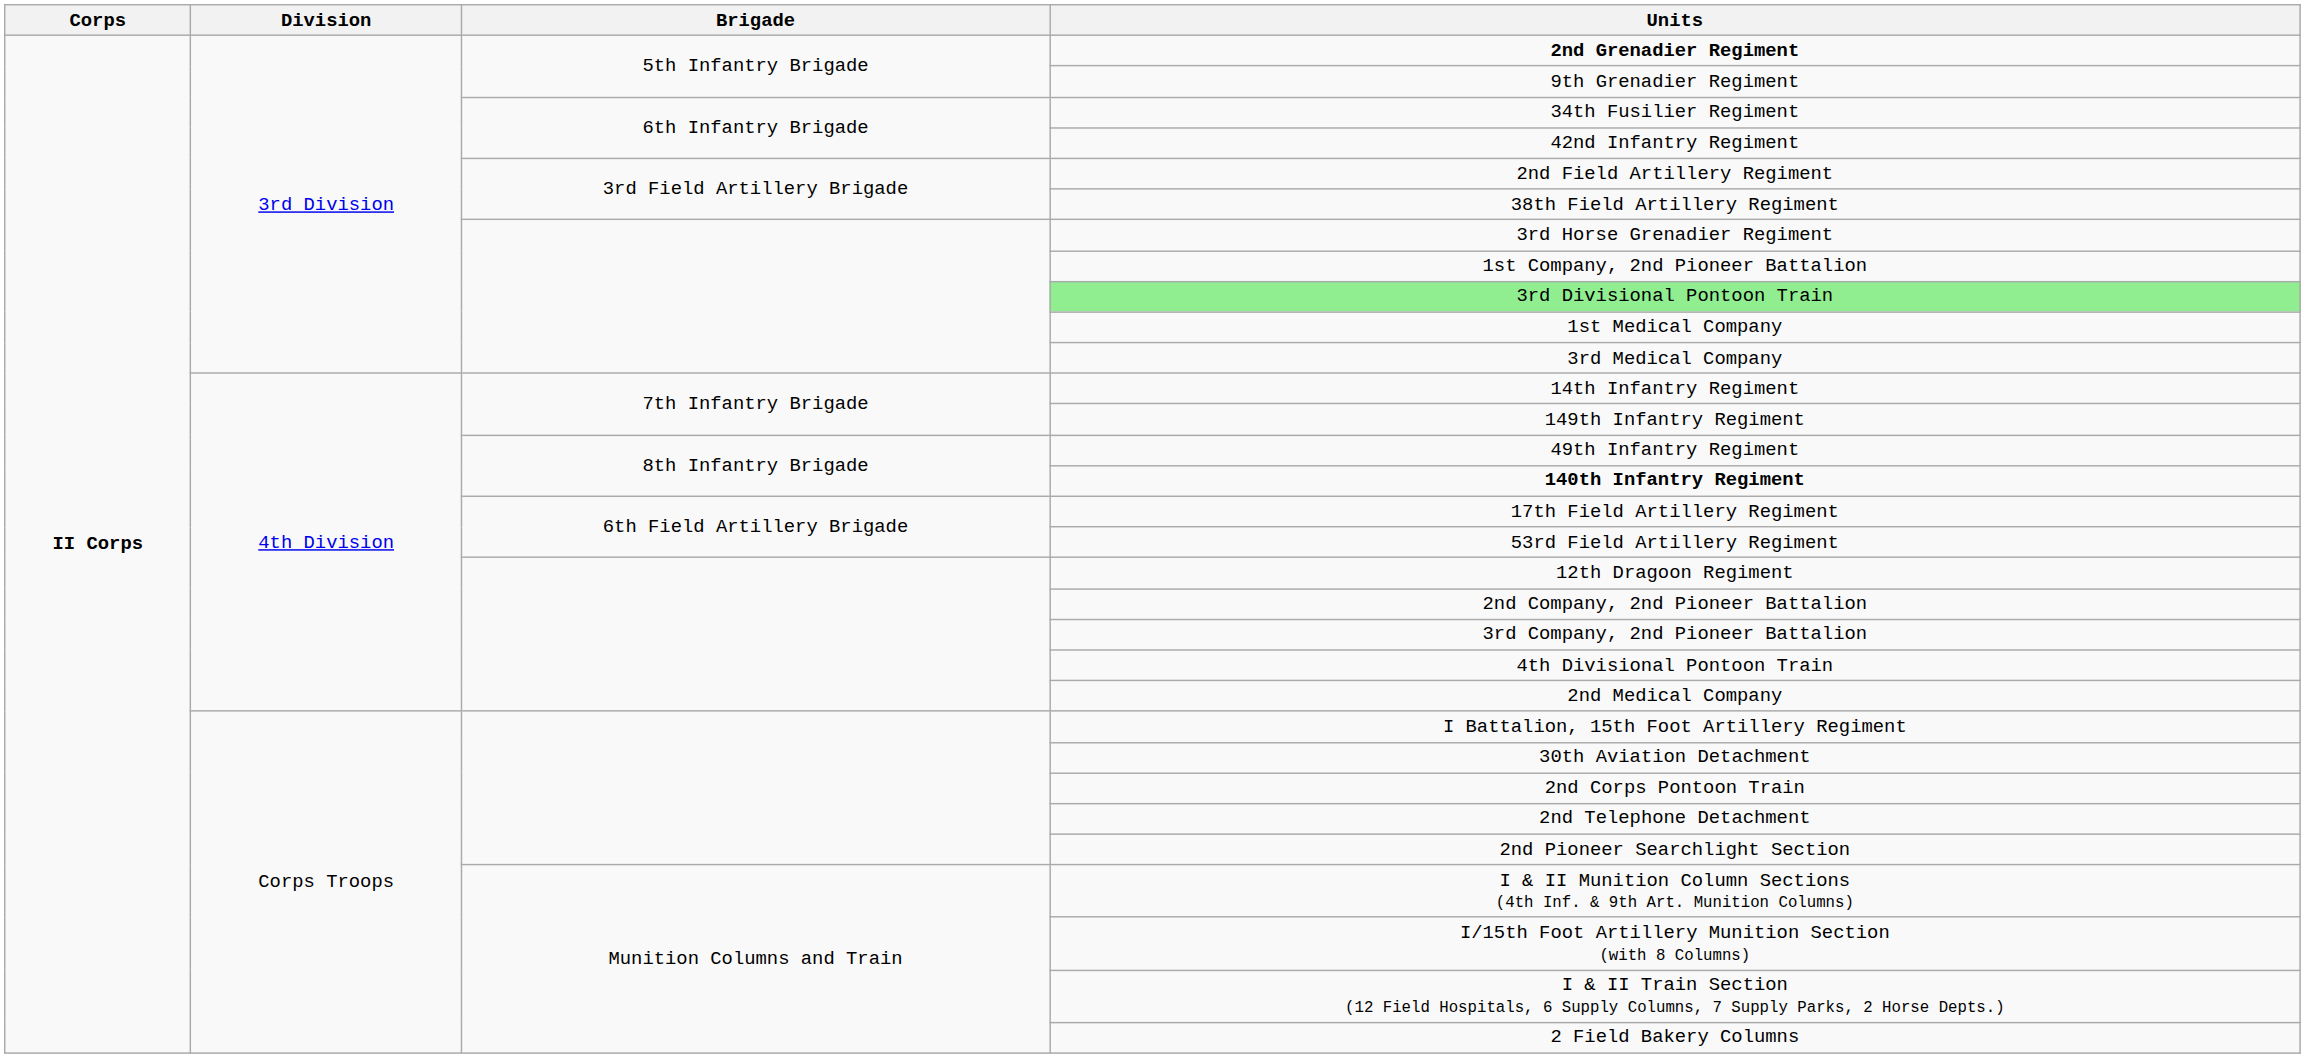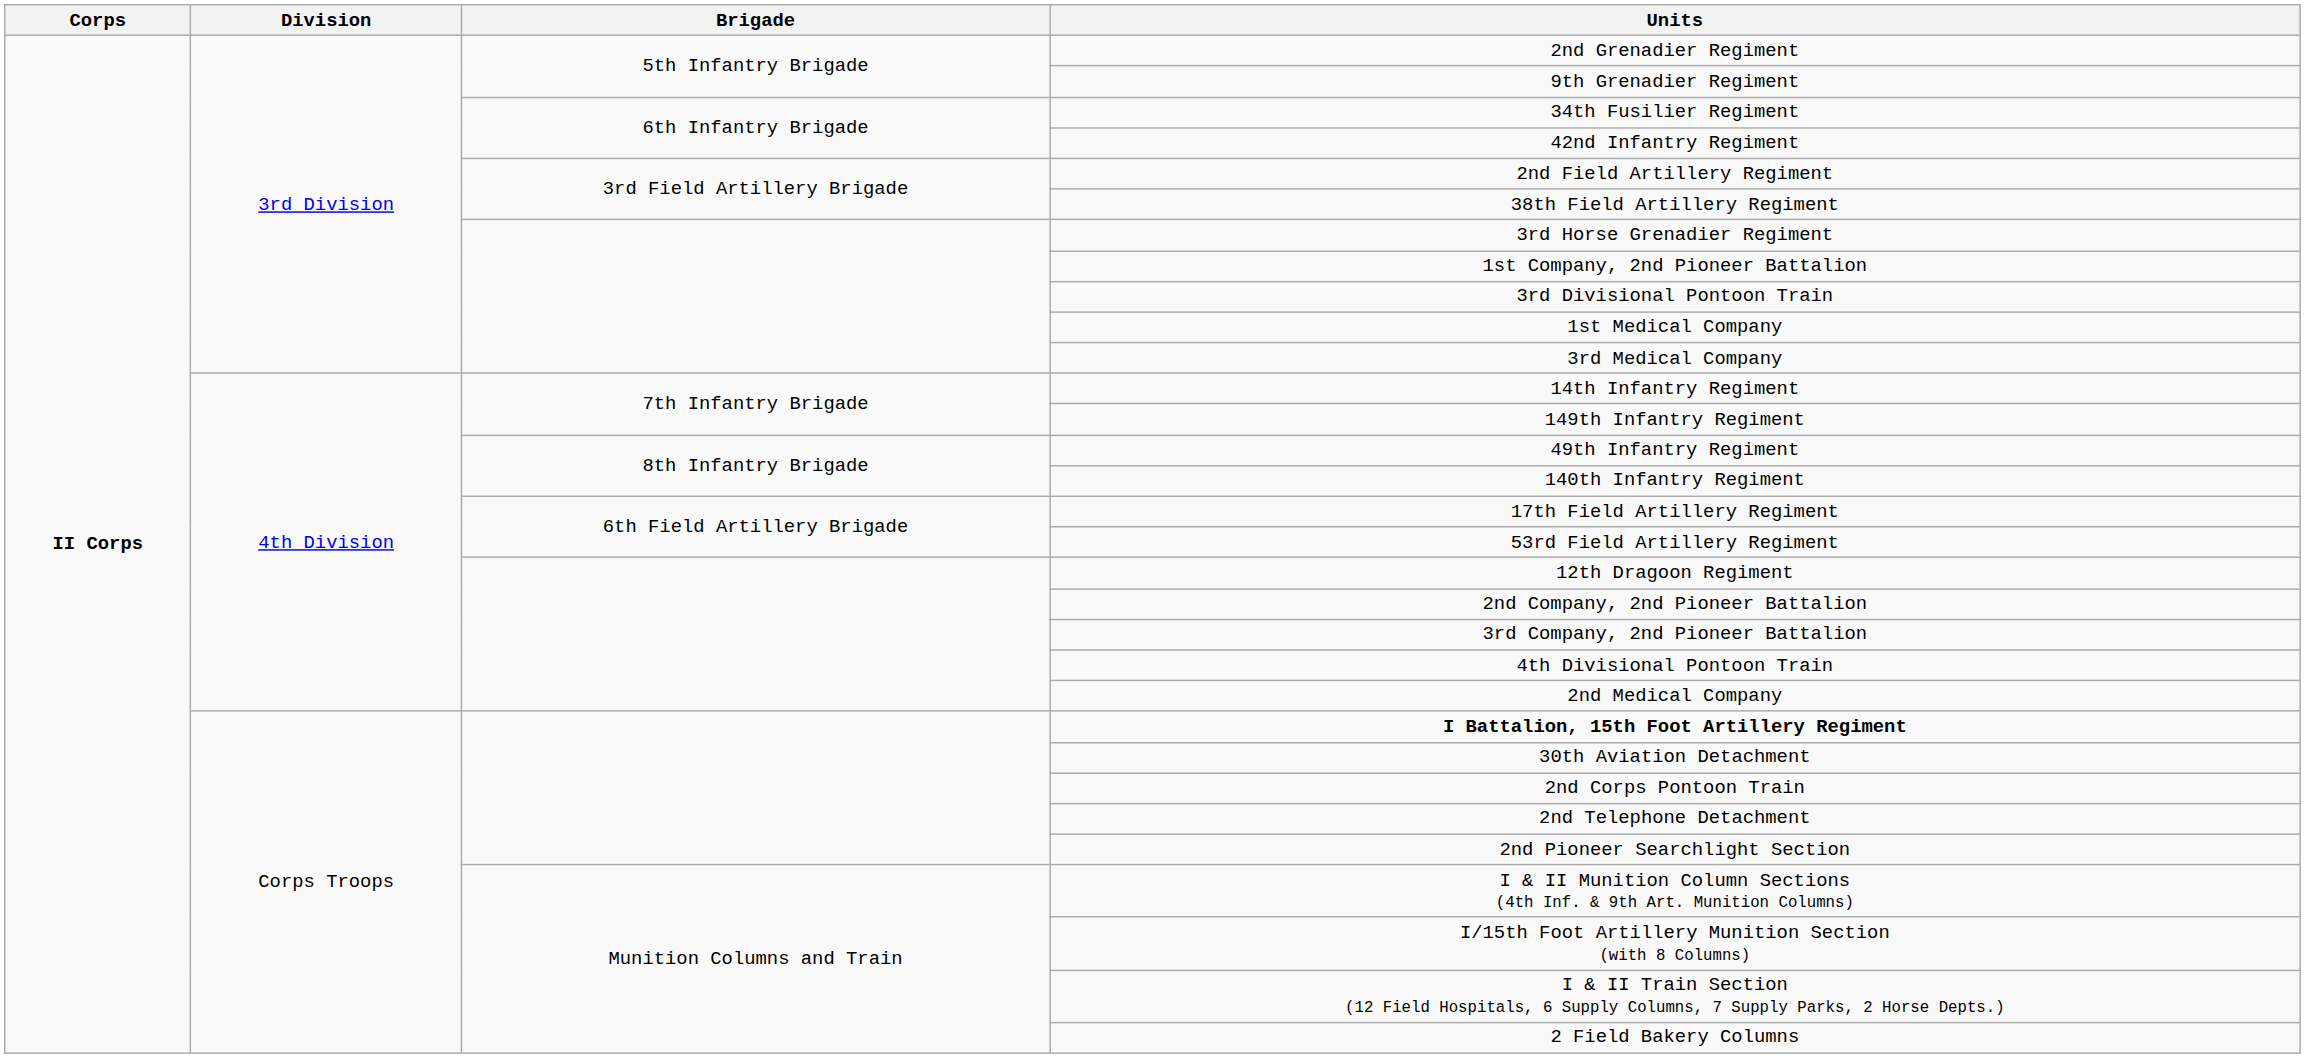 <table class="wikitable collapsible" style="text-align:center; width:100%;">
 <tr>
 <th>Corps</th>
 <th>Division</th>
 <th>Brigade</th>
 <th>Units</th>
 </tr>
 <tr>
 <td ROWSPAN=31><strong>II Corps</strong></td>
 <td ROWSPAN=11><a href='#'>3rd Division</a></td>
 <td ROWSPAN=2>5th Infantry Brigade</td>
-<td><strong>2nd Grenadier Regiment</strong></td>
+<td>2nd Grenadier Regiment</td>
 </tr>
 <tr>
 <td>9th Grenadier Regiment</td>
 </tr>
 <tr>
 <td ROWSPAN=2>6th Infantry Brigade</td>
 <td>34th Fusilier Regiment</td>
 </tr>
 <tr>
 <td>42nd Infantry Regiment</td>
 </tr>
 <tr>
 <td ROWSPAN=2>3rd Field Artillery Brigade</td>
 <td>2nd Field Artillery Regiment</td>
 </tr>
 <tr>
 <td>38th Field Artillery Regiment</td>
 </tr>
 <tr>
 <td ROWSPAN=5></td>
 <td>3rd Horse Grenadier Regiment</td>
 </tr>
 <tr>
 <td>1st Company, 2nd Pioneer Battalion</td>
 </tr>
 <tr>
-<td style="background: lightgreen;">3rd Divisional Pontoon Train</td>
+<td>3rd Divisional Pontoon Train</td>
 </tr>
 <tr>
 <td>1st Medical Company</td>
 </tr>
 <tr>
 <td>3rd Medical Company</td>
 </tr>
 <tr>
 <td ROWSPAN=11><a href='#'>4th Division</a></td>
 <td ROWSPAN=2>7th Infantry Brigade</td>
 <td>14th Infantry Regiment</td>
 </tr>
 <tr>
 <td>149th Infantry Regiment</td>
 </tr>
 <tr>
 <td ROWSPAN=2>8th Infantry Brigade</td>
 <td>49th Infantry Regiment</td>
 </tr>
 <tr>
-<td><strong>140th Infantry Regiment</strong></td>
+<td>140th Infantry Regiment</td>
 </tr>
 <tr>
 <td ROWSPAN=2>6th Field Artillery Brigade</td>
 <td>17th Field Artillery Regiment</td>
 </tr>
 <tr>
 <td>53rd Field Artillery Regiment</td>
 </tr>
 <tr>
 <td ROWSPAN=5></td>
 <td>12th Dragoon Regiment</td>
 </tr>
 <tr>
 <td>2nd Company, 2nd Pioneer Battalion</td>
 </tr>
 <tr>
 <td>3rd Company, 2nd Pioneer Battalion</td>
 </tr>
 <tr>
 <td>4th Divisional Pontoon Train</td>
 </tr>
 <tr>
 <td>2nd Medical Company</td>
 </tr>
 <tr>
 <td ROWSPAN=9>Corps Troops</td>
 <td ROWSPAN=5></td>
-<td>I Battalion, 15th Foot Artillery Regiment</td>
+<td><strong>I Battalion, 15th Foot Artillery Regiment</strong></td>
 </tr>
 <tr>
 <td>30th Aviation Detachment</td>
 </tr>
 <tr>
 <td>2nd Corps Pontoon Train</td>
 </tr>
 <tr>
 <td>2nd Telephone Detachment</td>
 </tr>
 <tr>
 <td>2nd Pioneer Searchlight Section</td>
 </tr>
 <tr>
 <td ROWSPAN=4>Munition Columns and Train</td>
 <td> I & II Munition Column Sections<br><small>(4th Inf. & 9th Art. Munition Columns)</small></td>
 </tr>
 <tr>
 <td>I/15th Foot Artillery Munition Section<br><small>(with 8 Columns)</small></td>
 </tr>
 <tr>
 <td>I & II Train Section<br><small>(12 Field Hospitals, 6 Supply Columns, 7 Supply Parks, 2 Horse Depts.)</small></td>
 </tr>
 <tr>
 <td>2 Field Bakery Columns</td>
 </tr>
 </table>
